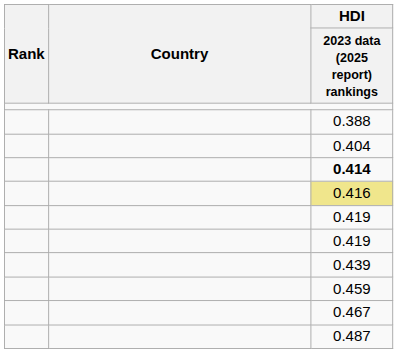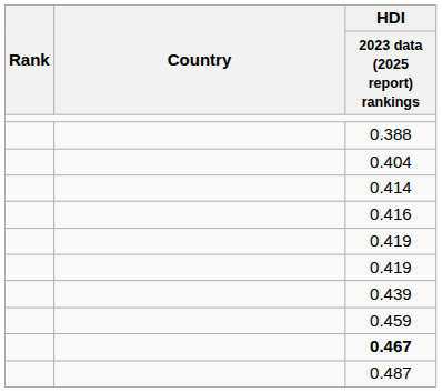 <table class="wikitable sortable" style="text-align:center">
 <tr>
 <th scope="col" rowspan="2" data-sort-type="number">Rank</th>
 <th scope="col" rowspan="2" style="width:17em;">Country</th>
 <th scope="col" colspan="2">HDI</th>
 </tr>
 <tr>
 <th scope="col" style="width:5em;" data-sort-type="number"><small>2023 data (2025 report) rankings</small></th>
 </tr>
 <tr>
 <td scope="row" colspan="4" background-color:#EAECF0;></td>
 </tr>
 <tr>
 <td></td>
 <td style="text-align:left"></td>
 <td>0.388</td>
 </tr>
 <tr>
 <td></td>
 <td style="text-align:left"></td>
 <td>0.404</td>
 </tr>
 <tr>
 <td></td>
 <td style="text-align:left"></td>
-<td><strong>0.414</strong></td>
+<td>0.414</td>
 </tr>
 <tr>
 <td></td>
 <td style="text-align:left"></td>
-<td style="background: khaki;">0.416</td>
+<td>0.416</td>
 </tr>
 <tr>
 <td></td>
 <td style="text-align:left"></td>
 <td>0.419</td>
 </tr>
 <tr>
 <td></td>
 <td style="text-align:left"></td>
 <td>0.419</td>
 </tr>
 <tr>
 <td></td>
 <td style="text-align:left"></td>
 <td>0.439</td>
 </tr>
 <tr>
 <td></td>
 <td style="text-align:left"></td>
 <td>0.459</td>
 </tr>
 <tr>
 <td></td>
 <td style="text-align:left"></td>
-<td>0.467</td>
+<td><strong>0.467</strong></td>
 </tr>
 <tr>
 <td></td>
 <td style="text-align:left"></td>
 <td>0.487</td>
 </tr>
 </table>
